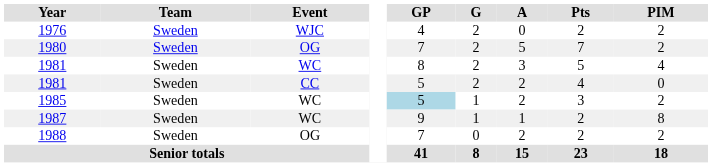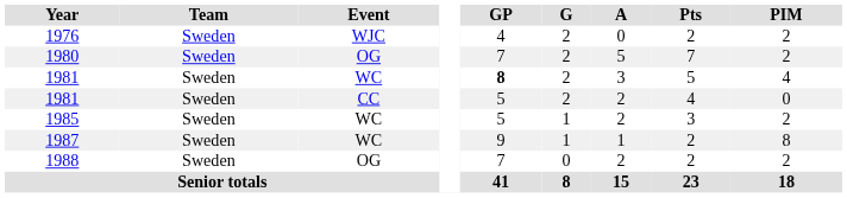 <table border="0" cellpadding="1" cellspacing="0" style="text-align:center; width:50em">
 <tr ALIGN="center" bgcolor="#e0e0e0">
 <th>Year</th>
 <th>Team</th>
 <th>Event</th>
 <th rowspan="99" bgcolor="#ffffff"> </th>
 <th>GP</th>
 <th>G</th>
 <th>A</th>
 <th>Pts</th>
 <th>PIM</th>
 </tr>
 <tr>
 <td><a href='#'>1976</a></td>
 <td><a href='#'>Sweden</a></td>
 <td><a href='#'>WJC</a></td>
 <td>4</td>
 <td>2</td>
 <td>0</td>
 <td>2</td>
 <td>2</td>
 </tr>
 <tr bgcolor="#f0f0f0">
 <td><a href='#'>1980</a></td>
 <td><a href='#'>Sweden</a></td>
 <td><a href='#'>OG</a></td>
 <td>7</td>
 <td>2</td>
 <td>5</td>
 <td>7</td>
 <td>2</td>
 </tr>
 <tr>
 <td><a href='#'>1981</a></td>
 <td>Sweden</td>
 <td><a href='#'>WC</a></td>
-<td>8</td>
+<td><strong>8</strong></td>
 <td>2</td>
 <td>3</td>
 <td>5</td>
 <td>4</td>
 </tr>
 <tr bgcolor="#f0f0f0">
 <td><a href='#'>1981</a></td>
 <td>Sweden</td>
 <td><a href='#'>CC</a></td>
 <td>5</td>
 <td>2</td>
 <td>2</td>
 <td>4</td>
 <td>0</td>
 </tr>
 <tr>
 <td><a href='#'>1985</a></td>
 <td>Sweden</td>
 <td>WC</td>
-<td style="background: lightblue;">5</td>
+<td>5</td>
 <td>1</td>
 <td>2</td>
 <td>3</td>
 <td>2</td>
 </tr>
 <tr bgcolor="#f0f0f0">
 <td><a href='#'>1987</a></td>
 <td>Sweden</td>
 <td>WC</td>
 <td>9</td>
 <td>1</td>
 <td>1</td>
 <td>2</td>
 <td>8</td>
 </tr>
 <tr>
 <td><a href='#'>1988</a></td>
 <td>Sweden</td>
 <td>OG</td>
 <td>7</td>
 <td>0</td>
 <td>2</td>
 <td>2</td>
 <td>2</td>
 </tr>
 <tr bgcolor="#e0e0e0">
 <th colspan=3>Senior totals</th>
 <th>41</th>
 <th>8</th>
 <th>15</th>
 <th>23</th>
 <th>18</th>
 </tr>
 </table>
